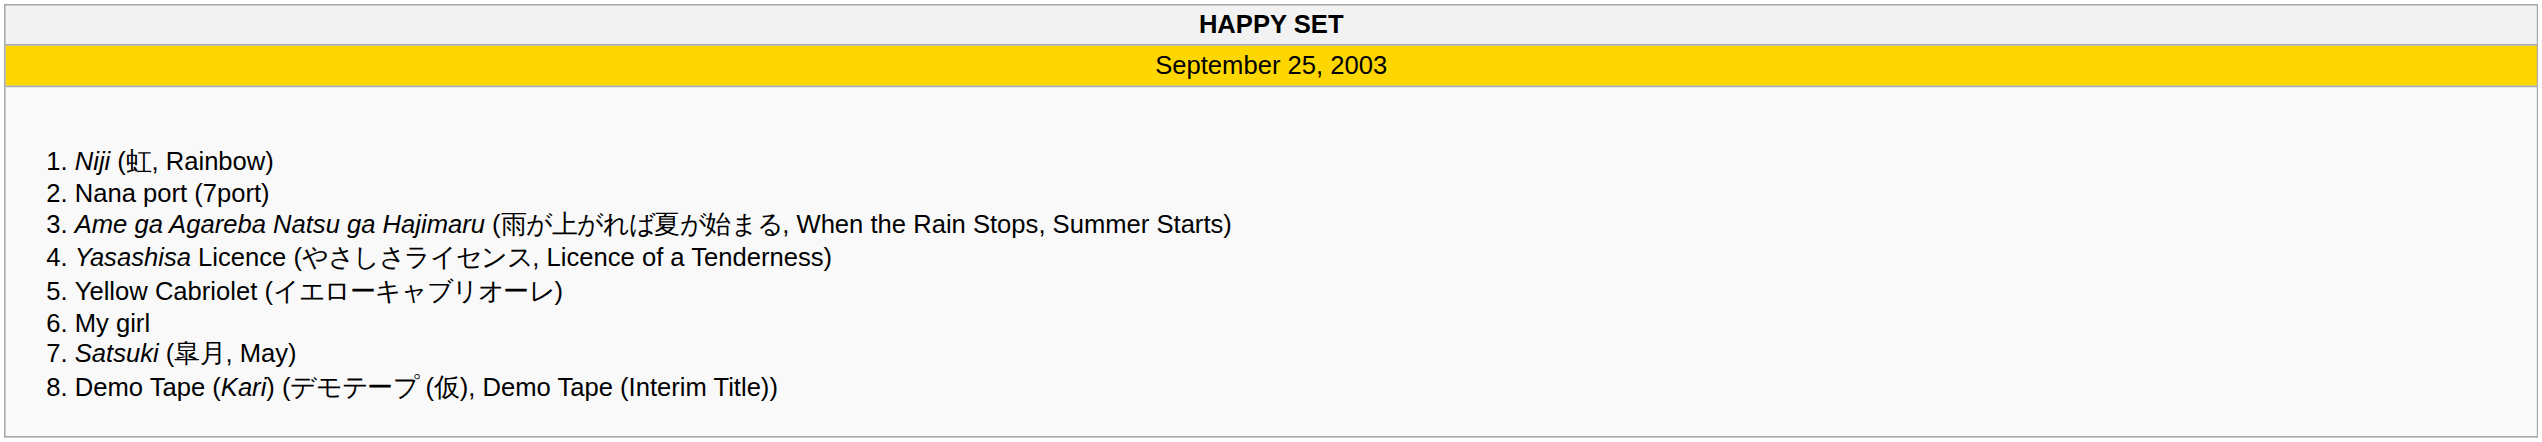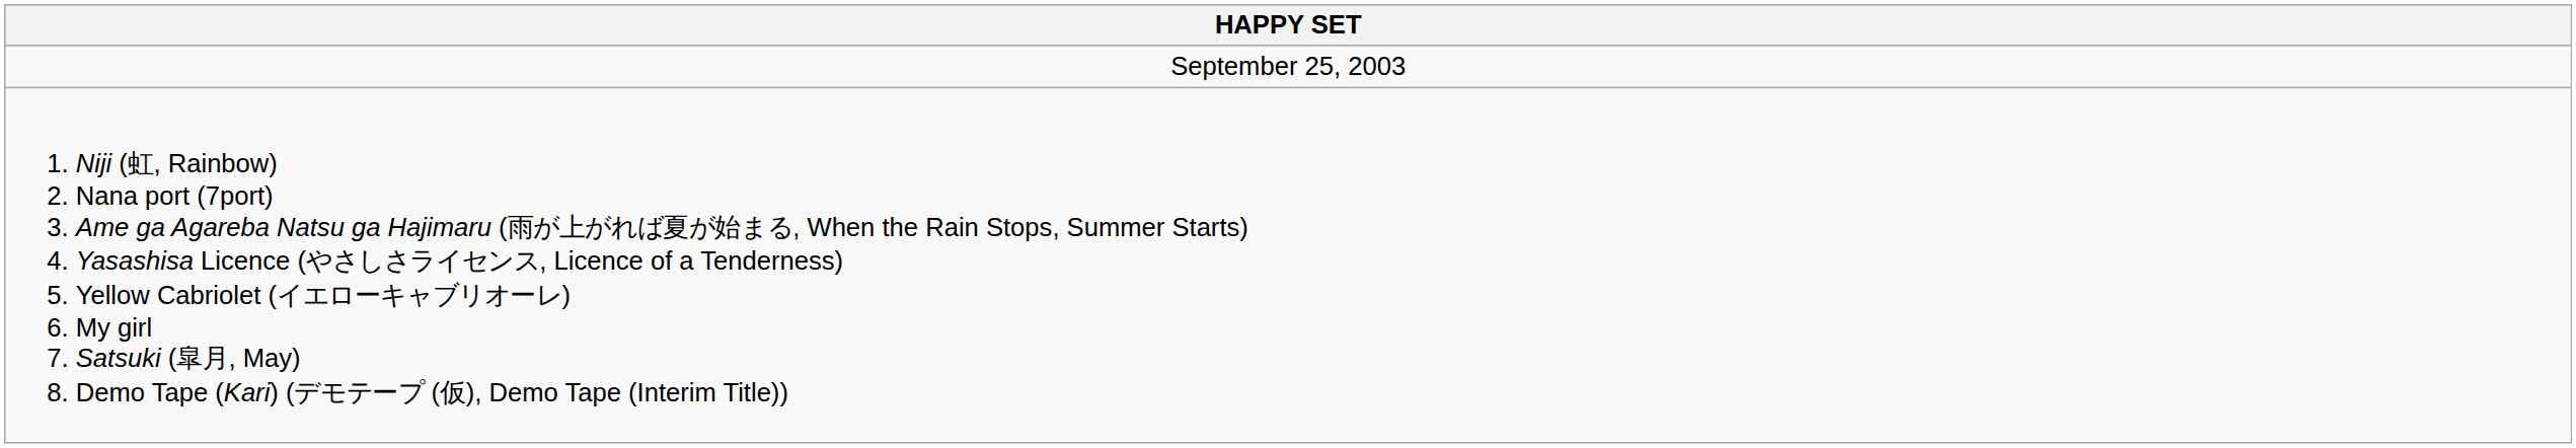 <table class="wikitable" style="width:100%">
 <tr>
 <th>HAPPY SET</th>
 </tr>
 <tr>
-<td style="background: gold; text-align:center">September 25, 2003</td>
+<td style="text-align:center">September 25, 2003</td>
 </tr>
 <tr>
 <td><br><ol><li><em>Niji</em> (虹, Rainbow)</li><li>Nana port (7port)</li><li><em>Ame ga Agareba Natsu ga Hajimaru</em> (雨が上がれば夏が始まる, When the Rain Stops, Summer Starts)</li><li><em>Yasashisa</em> Licence (やさしさライセンス, Licence of a Tenderness)</li><li>Yellow Cabriolet (イエローキャブリオーレ)</li><li>My girl</li><li><em>Satsuki</em> (皐月, May)</li><li>Demo Tape (<em>Kari</em>) (デモテープ (仮), Demo Tape (Interim Title))</li></ol></td>
 </tr>
 </table>
